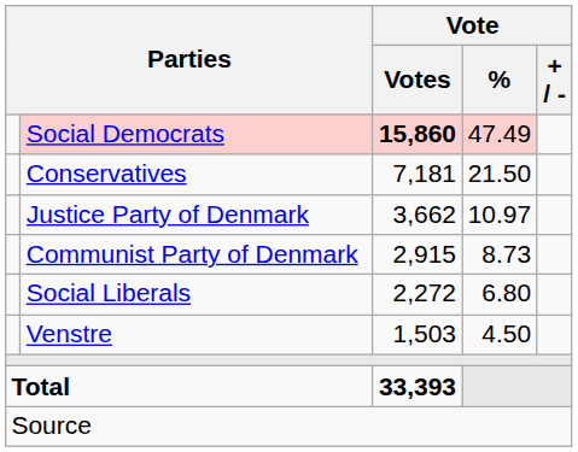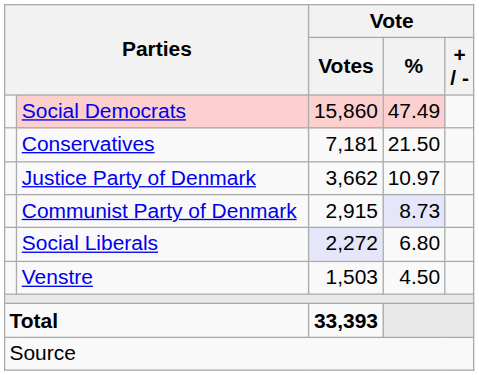 <table class="wikitable" style="text-align:right;">
 <tr>
 <th style="text-align:centre;" rowspan="2" colspan="2" width="225">Parties</th>
 <th colspan="3">Vote</th>
 </tr>
 <tr>
 <th width="15">Votes</th>
 <th width="15">%</th>
 <th width="15">+ / -</th>
 </tr>
 <tr>
 <td width="2" style="color:inherit;background:"></td>
 <td bgcolor=#fbd0ce  align="left"><a href='#'>Social Democrats</a></td>
-<td bgcolor=#fbd0ce><strong>15,860</strong></td>
+<td bgcolor=#fbd0ce>15,860</td>
 <td bgcolor=#fbd0ce>47.49</td>
 <td></td>
 </tr>
 <tr>
 <td width="2" style="color:inherit;background:"></td>
 <td align="left"><a href='#'>Conservatives</a></td>
 <td>7,181</td>
 <td>21.50</td>
 <td></td>
 </tr>
 <tr>
 <td width="2" style="color:inherit;background:"></td>
 <td align="left"><a href='#'>Justice Party of Denmark</a></td>
 <td>3,662</td>
 <td>10.97</td>
 <td></td>
 </tr>
 <tr>
 <td width="2" style="color:inherit;background:"></td>
 <td align="left"><a href='#'>Communist Party of Denmark</a></td>
 <td>2,915</td>
-<td>8.73</td>
+<td style="background: lavender;">8.73</td>
 <td></td>
 </tr>
 <tr>
 <td width="2" style="color:inherit;background:"></td>
 <td align="left"><a href='#'>Social Liberals</a></td>
-<td>2,272</td>
+<td style="background: lavender;">2,272</td>
 <td>6.80</td>
 <td></td>
 </tr>
 <tr>
 <td width="2" style="color:inherit;background:"></td>
 <td align="left"><a href='#'>Venstre</a></td>
 <td>1,503</td>
 <td>4.50</td>
 <td></td>
 </tr>
 <tr>
 <td colspan="7" bgcolor="#E9E9E9"></td>
 </tr>
 <tr>
 <td align="left" colspan="2"><strong>Total</strong></td>
 <td><strong>33,393</strong></td>
 <td bgcolor="#E9E9E9" colspan="2"></td>
 </tr>
 <tr>
 <td align="left" colspan="6">Source</td>
 </tr>
 </table>
